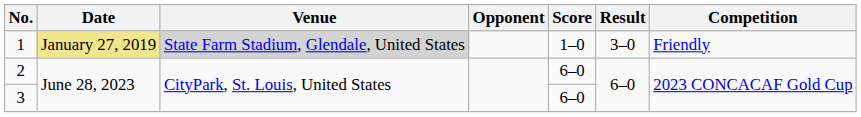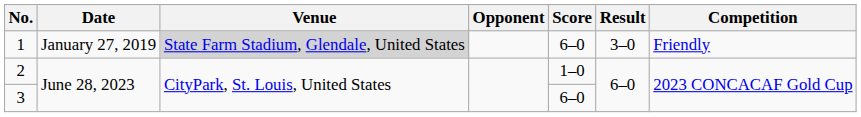 <table class="wikitable sortable">
 <tr>
 <th scope="col">No.</th>
 <th scope="col">Date</th>
 <th scope="col">Venue</th>
 <th scope="col">Opponent</th>
 <th scope="col">Score</th>
 <th scope="col">Result</th>
 <th scope="col">Competition</th>
 </tr>
 <tr>
 <td style="text-align:center">1</td>
-<td style="background: khaki;">January 27, 2019</td>
+<td>January 27, 2019</td>
 <td style="background: lightgrey;"><a href='#'>State Farm Stadium</a>, <a href='#'>Glendale</a>, United States</td>
 <td></td>
-<td style="text-align:center">1–0</td>
+<td style="text-align:center">6–0</td>
 <td style="text-align:center">3–0</td>
 <td><a href='#'>Friendly</a></td>
 </tr>
 <tr>
 <td style="text-align:center">2</td>
 <td rowspan=2>June 28, 2023</td>
 <td rowspan=2><a href='#'>CityPark</a>, <a href='#'>St. Louis</a>, United States</td>
 <td rowspan=2></td>
-<td style="text-align:center">6–0</td>
+<td style="text-align:center">1–0</td>
 <td rowspan=2 style="text-align:center">6–0</td>
 <td rowspan=2><a href='#'>2023 CONCACAF Gold Cup</a></td>
 </tr>
 <tr>
 <td style="text-align:center">3</td>
 <td style="text-align:center">6–0</td>
 </tr>
 </table>
